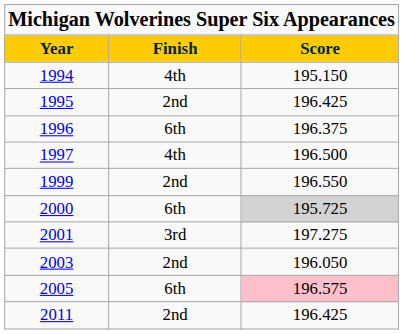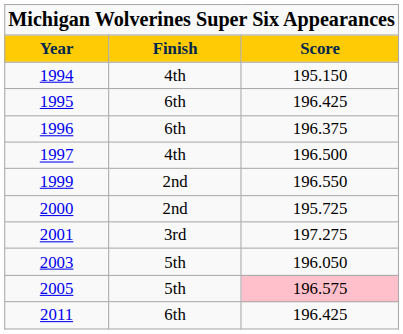 <table style="margin: 1em auto 1em auto" class="wikitable">
 <tr>
 <td colspan=3 align=center><big><span><strong>Michigan Wolverines Super Six Appearances</strong></span></big></td>
 </tr>
 <tr align="center" valign="top">
 <th style="background:#FFCB05; color:#00274C; text-align:center">Year</th>
 <th style="background:#FFCB05; color:#00274C; text-align:center">Finish</th>
 <th style="background:#FFCB05; color:#00274C; text-align:center">Score</th>
 </tr>
 <tr align="center" valign="top">
 <td><a href='#'>1994</a></td>
 <td>4th</td>
 <td>195.150</td>
 </tr>
 <tr align="center" valign="top">
 <td><a href='#'>1995</a></td>
-<td>2nd</td>
+<td>6th</td>
 <td>196.425</td>
 </tr>
 <tr align="center" valign="top">
 <td><a href='#'>1996</a></td>
 <td>6th</td>
 <td>196.375</td>
 </tr>
 <tr align="center" valign="top">
 <td><a href='#'>1997</a></td>
 <td>4th</td>
 <td>196.500</td>
 </tr>
 <tr align="center" valign="top">
 <td><a href='#'>1999</a></td>
 <td>2nd</td>
 <td>196.550</td>
 </tr>
 <tr align="center" valign="top">
 <td><a href='#'>2000</a></td>
-<td>6th</td>
-<td style="background: lightgrey;">195.725</td>
+<td>2nd</td>
+<td>195.725</td>
 </tr>
 <tr align="center" valign="top">
 <td><a href='#'>2001</a></td>
 <td>3rd</td>
 <td>197.275</td>
 </tr>
 <tr align="center" valign="top">
 <td><a href='#'>2003</a></td>
-<td>2nd</td>
+<td>5th</td>
 <td>196.050</td>
 </tr>
 <tr align="center" valign="top">
 <td><a href='#'>2005</a></td>
-<td>6th</td>
+<td>5th</td>
 <td style="background: pink;">196.575</td>
 </tr>
 <tr align="center" valign="top">
 <td><a href='#'>2011</a></td>
-<td>2nd</td>
+<td>6th</td>
 <td>196.425</td>
 </tr>
 </table>
